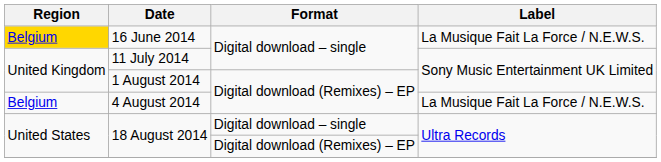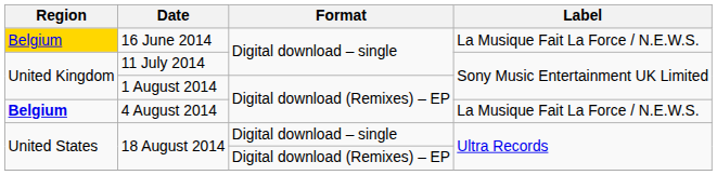 <table class=wikitable>
 <tr>
 <th>Region</th>
 <th>Date</th>
 <th>Format</th>
 <th>Label</th>
 </tr>
 <tr>
 <td rowspan="1" style="background: gold;"><a href='#'>Belgium</a></td>
 <td rowspan="1">16 June 2014</td>
 <td rowspan="2">Digital download – single</td>
 <td rowspan="1">La Musique Fait La Force / N.E.W.S.</td>
 </tr>
 <tr>
 <td rowspan="2">United Kingdom</td>
 <td rowspan="1">11 July 2014</td>
 <td rowspan="2">Sony Music Entertainment UK Limited</td>
 </tr>
 <tr>
 <td rowspan="1">1 August 2014</td>
 <td rowspan="2">Digital download (Remixes) – EP</td>
 </tr>
 <tr>
-<td rowspan="1"><a href='#'>Belgium</a></td>
+<td rowspan="1"><strong><a href='#'>Belgium</a></strong></td>
 <td rowspan="1">4 August 2014</td>
 <td rowspan="1">La Musique Fait La Force / N.E.W.S.</td>
 </tr>
 <tr>
 <td rowspan="2">United States</td>
 <td rowspan="2">18 August 2014</td>
 <td rowspan="1">Digital download – single</td>
 <td rowspan="2"><a href='#'>Ultra Records</a></td>
 </tr>
 <tr>
 <td rowspan="1">Digital download (Remixes) – EP</td>
 </tr>
 <tr>
 </tr>
 </table>
